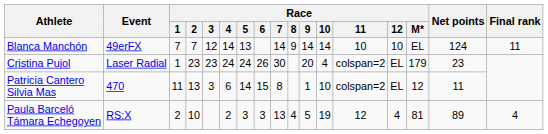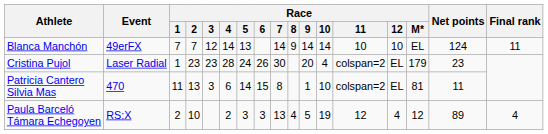 <table class="wikitable" style="font-size:90%">
 <tr>
 <th rowspan="2">Athlete</th>
 <th rowspan="2">Event</th>
 <th colspan=13>Race</th>
 <th rowspan=2>Net points</th>
 <th rowspan=2>Final rank</th>
 </tr>
 <tr style="font-size:95%">
 <th>1</th>
 <th>2</th>
 <th>3</th>
 <th>4</th>
 <th>5</th>
 <th>6</th>
 <th>7</th>
 <th>8</th>
 <th>9</th>
 <th>10</th>
 <th>11</th>
 <th>12</th>
 <th>M*</th>
 </tr>
 <tr align=center>
 <td align=left><a href='#'>Blanca Manchón</a></td>
 <td align=left><a href='#'>49erFX</a></td>
 <td>7</td>
 <td>7</td>
 <td>12</td>
 <td>14</td>
 <td>13</td>
 <td></td>
 <td>14</td>
 <td>9</td>
 <td>14</td>
 <td>14</td>
 <td>10</td>
 <td>10</td>
 <td>EL</td>
 <td>124</td>
 <td>11</td>
 </tr>
 <tr align=center>
 <td align=left><a href='#'>Cristina Pujol</a></td>
 <td align=left><a href='#'>Laser Radial</a></td>
 <td>1</td>
 <td>23</td>
 <td>23</td>
-<td>24</td>
+<td>28</td>
 <td>24</td>
 <td>26</td>
 <td>30</td>
 <td></td>
 <td>20</td>
 <td>4</td>
 <td>colspan=2 </td>
 <td>EL</td>
 <td>179</td>
 <td>23</td>
 </tr>
 <tr align=center>
 <td align=left><a href='#'>Patricia Cantero</a><br><a href='#'>Silvia Mas</a></td>
 <td align=left><a href='#'>470</a></td>
 <td>11</td>
 <td>13</td>
 <td>3</td>
 <td>6</td>
 <td>14</td>
 <td>15</td>
 <td>8</td>
 <td></td>
 <td>1</td>
 <td>10</td>
 <td>colspan=2 </td>
 <td>EL</td>
-<td>12</td>
+<td>81</td>
 <td>11</td>
 </tr>
 <tr align=center>
 <td align=left><a href='#'>Paula Barceló</a><br><a href='#'>Támara Echegoyen</a></td>
 <td align=left><a href='#'>RS:X</a></td>
 <td>2</td>
 <td>10</td>
 <td></td>
 <td>2</td>
 <td>3</td>
 <td>3</td>
 <td>13</td>
 <td>4</td>
 <td>5</td>
 <td>19</td>
 <td>12</td>
 <td>4</td>
-<td>81</td>
+<td>12</td>
 <td>89</td>
 <td>4</td>
 </tr>
 </table>
